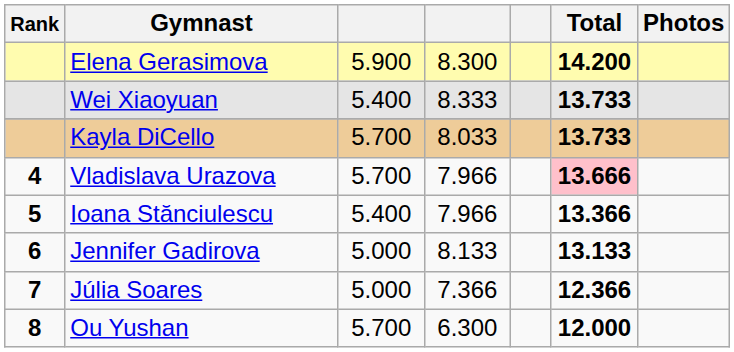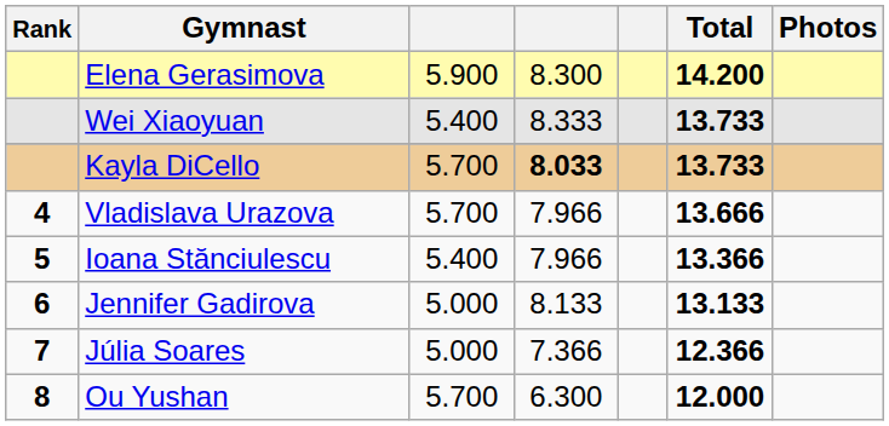 <table style="text-align:center;" class="wikitable sortable">
 <tr>
 <th scope="col" style="width:15px;"><small>Rank</small></th>
 <th scope="col" style="width:175px;">Gymnast</th>
 <th scope="col" style="width:50px;"><small></small></th>
 <th scope="col" style="width:50px;"><small></small></th>
 <th scope="col" style="width:20px;"><small></small></th>
 <th scope="col" style="width:50px;">Total</th>
 <th scope="col" style="width:50px;">Photos</th>
 </tr>
 <tr style="background:#fffcaf;">
 <td scope="row" style="text-align:center"><strong></strong></td>
 <td style="text-align:left;"> <a href='#'>Elena Gerasimova</a></td>
 <td>5.900</td>
 <td>8.300</td>
 <td></td>
 <td><strong>14.200</strong></td>
 <td></td>
 </tr>
 <tr style="background:#e5e5e5;">
 <td scope="row" style="text-align:center"><strong></strong></td>
 <td style="text-align:left;"> <a href='#'>Wei Xiaoyuan</a></td>
 <td>5.400</td>
 <td>8.333</td>
 <td></td>
 <td><strong>13.733</strong></td>
 <td></td>
 </tr>
 <tr>
 </tr>
 <tr style="background:#ec9;">
 <td scope="row" style="text-align:center"><strong></strong></td>
 <td style="text-align:left;"> <a href='#'>Kayla DiCello</a></td>
 <td>5.700</td>
-<td>8.033</td>
+<td><strong>8.033</strong></td>
 <td></td>
 <td><strong>13.733</strong></td>
 <td></td>
 </tr>
 <tr>
 <td scope="row" style="text-align:center"><strong>4</strong></td>
 <td style="text-align:left;"> <a href='#'>Vladislava Urazova</a></td>
 <td>5.700</td>
 <td>7.966</td>
 <td></td>
-<td style="background: pink;"><strong>13.666</strong></td>
+<td><strong>13.666</strong></td>
 <td></td>
 </tr>
 <tr>
 <td scope="row" style="text-align:center"><strong>5</strong></td>
 <td style="text-align:left;"> <a href='#'>Ioana Stănciulescu</a></td>
 <td>5.400</td>
 <td>7.966</td>
 <td></td>
 <td><strong>13.366</strong></td>
 <td></td>
 </tr>
 <tr>
 <td scope="row" style="text-align:center"><strong>6</strong></td>
 <td style="text-align:left;"> <a href='#'>Jennifer Gadirova</a></td>
 <td>5.000</td>
 <td>8.133</td>
 <td></td>
 <td><strong>13.133</strong></td>
 <td></td>
 </tr>
 <tr>
 <td scope="row" style="text-align:center"><strong>7</strong></td>
 <td style="text-align:left;"> <a href='#'>Júlia Soares</a></td>
 <td>5.000</td>
 <td>7.366</td>
 <td></td>
 <td><strong>12.366</strong></td>
 <td></td>
 </tr>
 <tr>
 <td scope="row" style="text-align:center"><strong>8</strong></td>
 <td style="text-align:left;"> <a href='#'>Ou Yushan</a></td>
 <td>5.700</td>
 <td>6.300</td>
 <td></td>
 <td><strong>12.000</strong></td>
 <td></td>
 </tr>
 </table>
